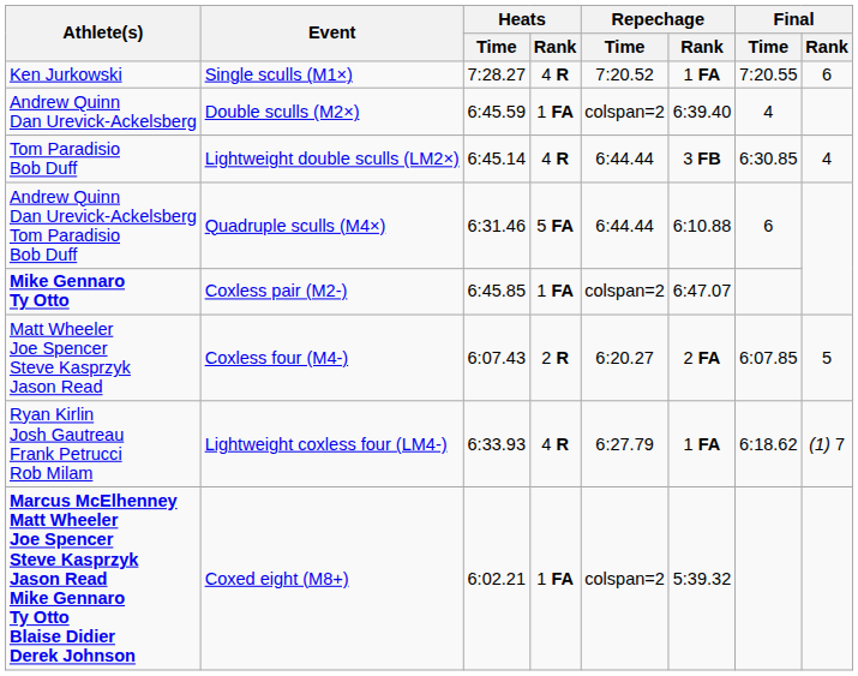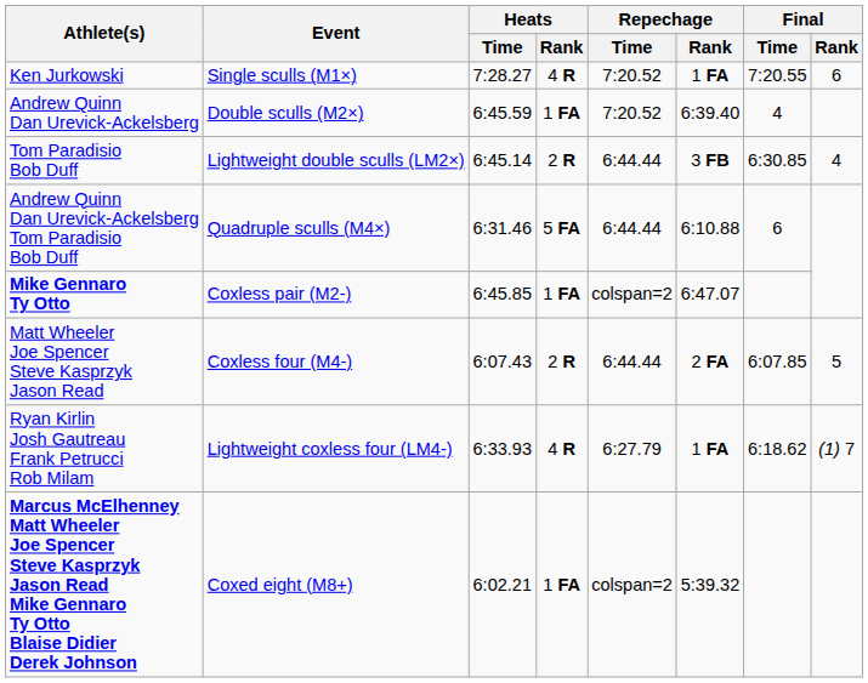 <table class="wikitable" style="font-size:90%">
 <tr>
 <th rowspan=2>Athlete(s)</th>
 <th rowspan=2>Event</th>
 <th colspan=2>Heats</th>
 <th colspan=2>Repechage</th>
 <th colspan=2>Final</th>
 </tr>
 <tr>
 <th>Time</th>
 <th>Rank</th>
 <th>Time</th>
 <th>Rank</th>
 <th>Time</th>
 <th>Rank</th>
 </tr>
 <tr align=center>
 <td align=left><a href='#'>Ken Jurkowski</a></td>
 <td align=left><a href='#'>Single sculls (M1×)</a></td>
 <td>7:28.27</td>
 <td>4 <strong>R</strong></td>
 <td>7:20.52</td>
 <td>1 <strong>FA</strong></td>
 <td>7:20.55</td>
 <td>6</td>
 </tr>
 <tr align=center>
 <td align=left><a href='#'>Andrew Quinn</a><br><a href='#'>Dan Urevick-Ackelsberg</a></td>
 <td align=left><a href='#'>Double sculls (M2×)</a></td>
 <td>6:45.59</td>
 <td>1 <strong>FA</strong></td>
-<td>colspan=2 </td>
+<td>7:20.52</td>
 <td>6:39.40</td>
 <td>4</td>
 </tr>
 <tr align=center>
 <td align=left><a href='#'>Tom Paradisio</a><br><a href='#'>Bob Duff</a></td>
 <td align=left><a href='#'>Lightweight double sculls (LM2×)</a></td>
 <td>6:45.14</td>
-<td>4 <strong>R</strong></td>
+<td>2 <strong>R</strong></td>
 <td>6:44.44</td>
 <td>3 <strong>FB</strong></td>
 <td>6:30.85</td>
 <td>4</td>
 </tr>
 <tr align=center>
 <td align=left><a href='#'>Andrew Quinn</a><br><a href='#'>Dan Urevick-Ackelsberg</a><br><a href='#'>Tom Paradisio</a><br><a href='#'>Bob Duff</a></td>
 <td align=left><a href='#'>Quadruple sculls (M4×)</a></td>
 <td>6:31.46</td>
 <td>5 <strong>FA</strong></td>
 <td>6:44.44</td>
 <td>6:10.88</td>
 <td>6</td>
 </tr>
 <tr align=center>
 <td align=left><strong><a href='#'>Mike Gennaro</a><br><a href='#'>Ty Otto</a></strong></td>
 <td align=left><a href='#'>Coxless pair (M2-)</a></td>
 <td>6:45.85</td>
 <td>1 <strong>FA</strong></td>
 <td>colspan=2 </td>
 <td>6:47.07</td>
 <td></td>
 </tr>
 <tr align=center>
 <td align=left><a href='#'>Matt Wheeler</a><br><a href='#'>Joe Spencer</a><br><a href='#'>Steve Kasprzyk</a><br><a href='#'>Jason Read</a></td>
 <td align=left><a href='#'>Coxless four (M4-)</a></td>
 <td>6:07.43</td>
 <td>2 <strong>R</strong></td>
-<td>6:20.27</td>
+<td>6:44.44</td>
 <td>2 <strong>FA</strong></td>
 <td>6:07.85</td>
 <td>5</td>
 </tr>
 <tr align=center>
 <td align=left><a href='#'>Ryan Kirlin</a><br><a href='#'>Josh Gautreau</a><br><a href='#'>Frank Petrucci</a><br><a href='#'>Rob Milam</a></td>
 <td align=left><a href='#'>Lightweight coxless four (LM4-)</a></td>
 <td>6:33.93</td>
 <td>4 <strong>R</strong></td>
 <td>6:27.79</td>
 <td>1 <strong>FA</strong></td>
 <td>6:18.62</td>
 <td><em>(1)</em> 7</td>
 </tr>
 <tr align=center>
 <td align=left><strong><a href='#'>Marcus McElhenney</a><br><a href='#'>Matt Wheeler</a><br><a href='#'>Joe Spencer</a><br><a href='#'>Steve Kasprzyk</a><br><a href='#'>Jason Read</a><br><a href='#'>Mike Gennaro</a><br><a href='#'>Ty Otto</a><br><a href='#'>Blaise Didier</a><br><a href='#'>Derek Johnson</a></strong></td>
 <td align=left><a href='#'>Coxed eight (M8+)</a></td>
 <td>6:02.21</td>
 <td>1 <strong>FA</strong></td>
 <td>colspan=2 </td>
 <td>5:39.32</td>
 <td></td>
 </tr>
 </table>
